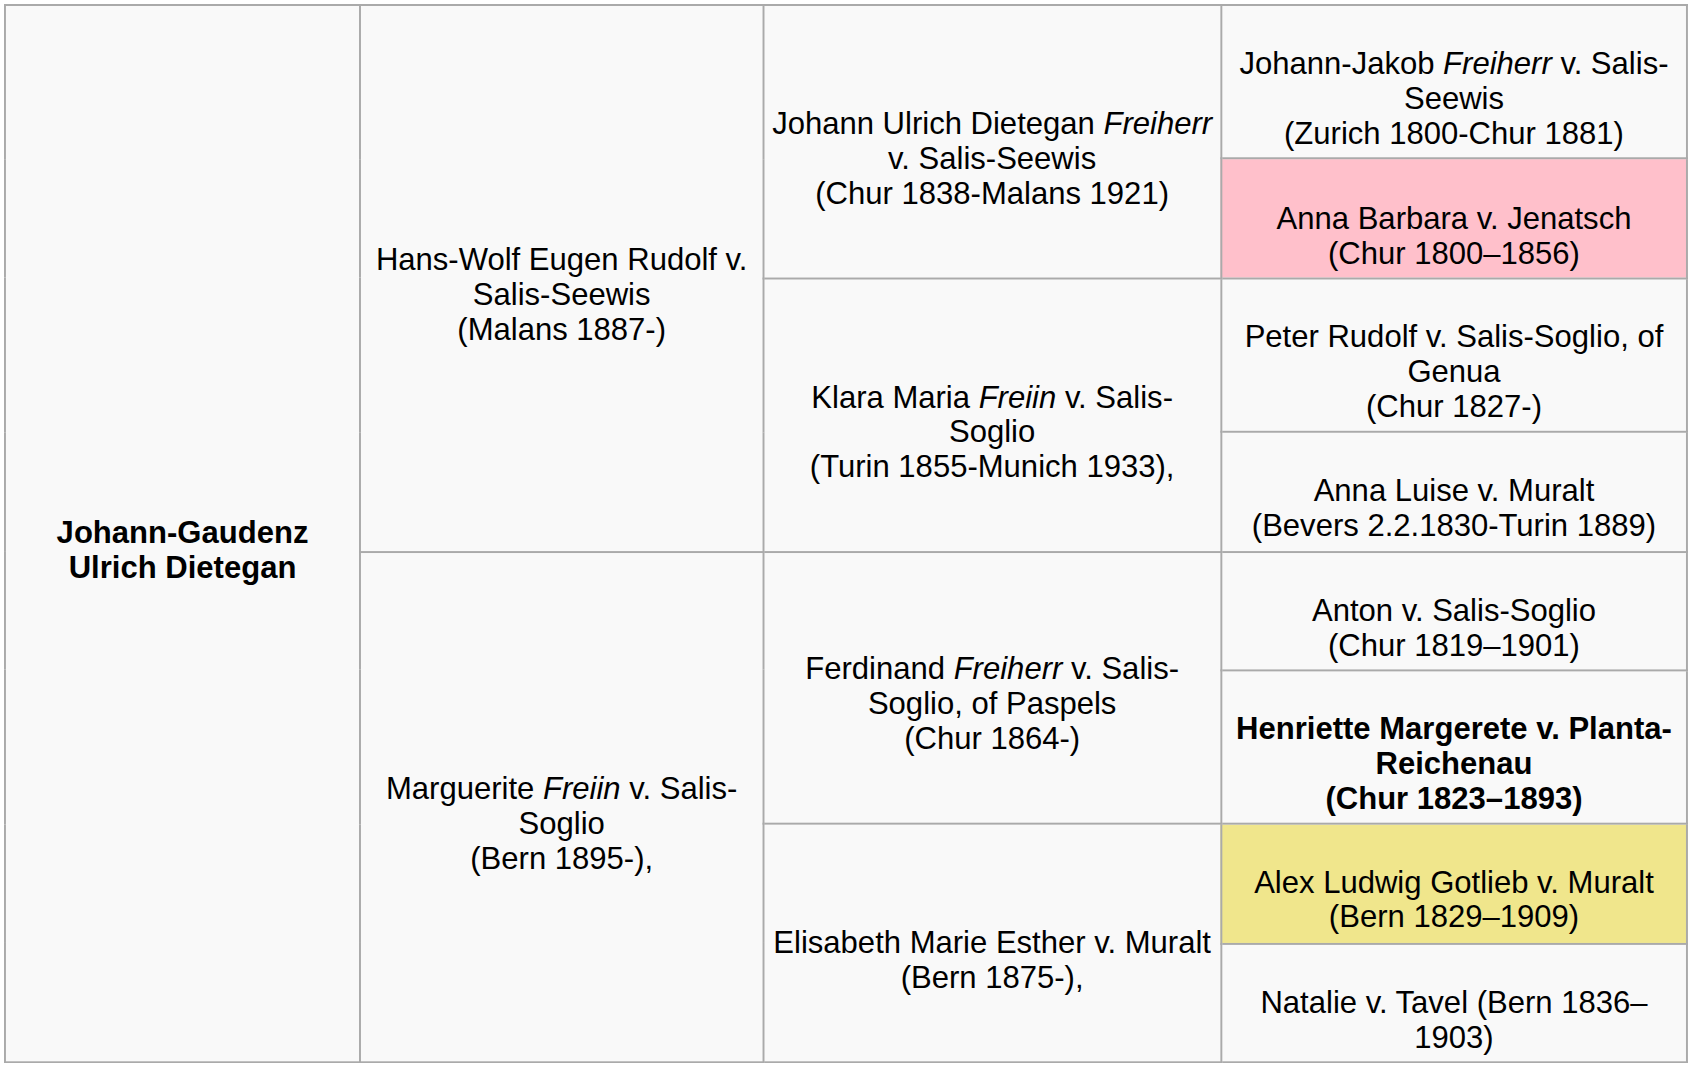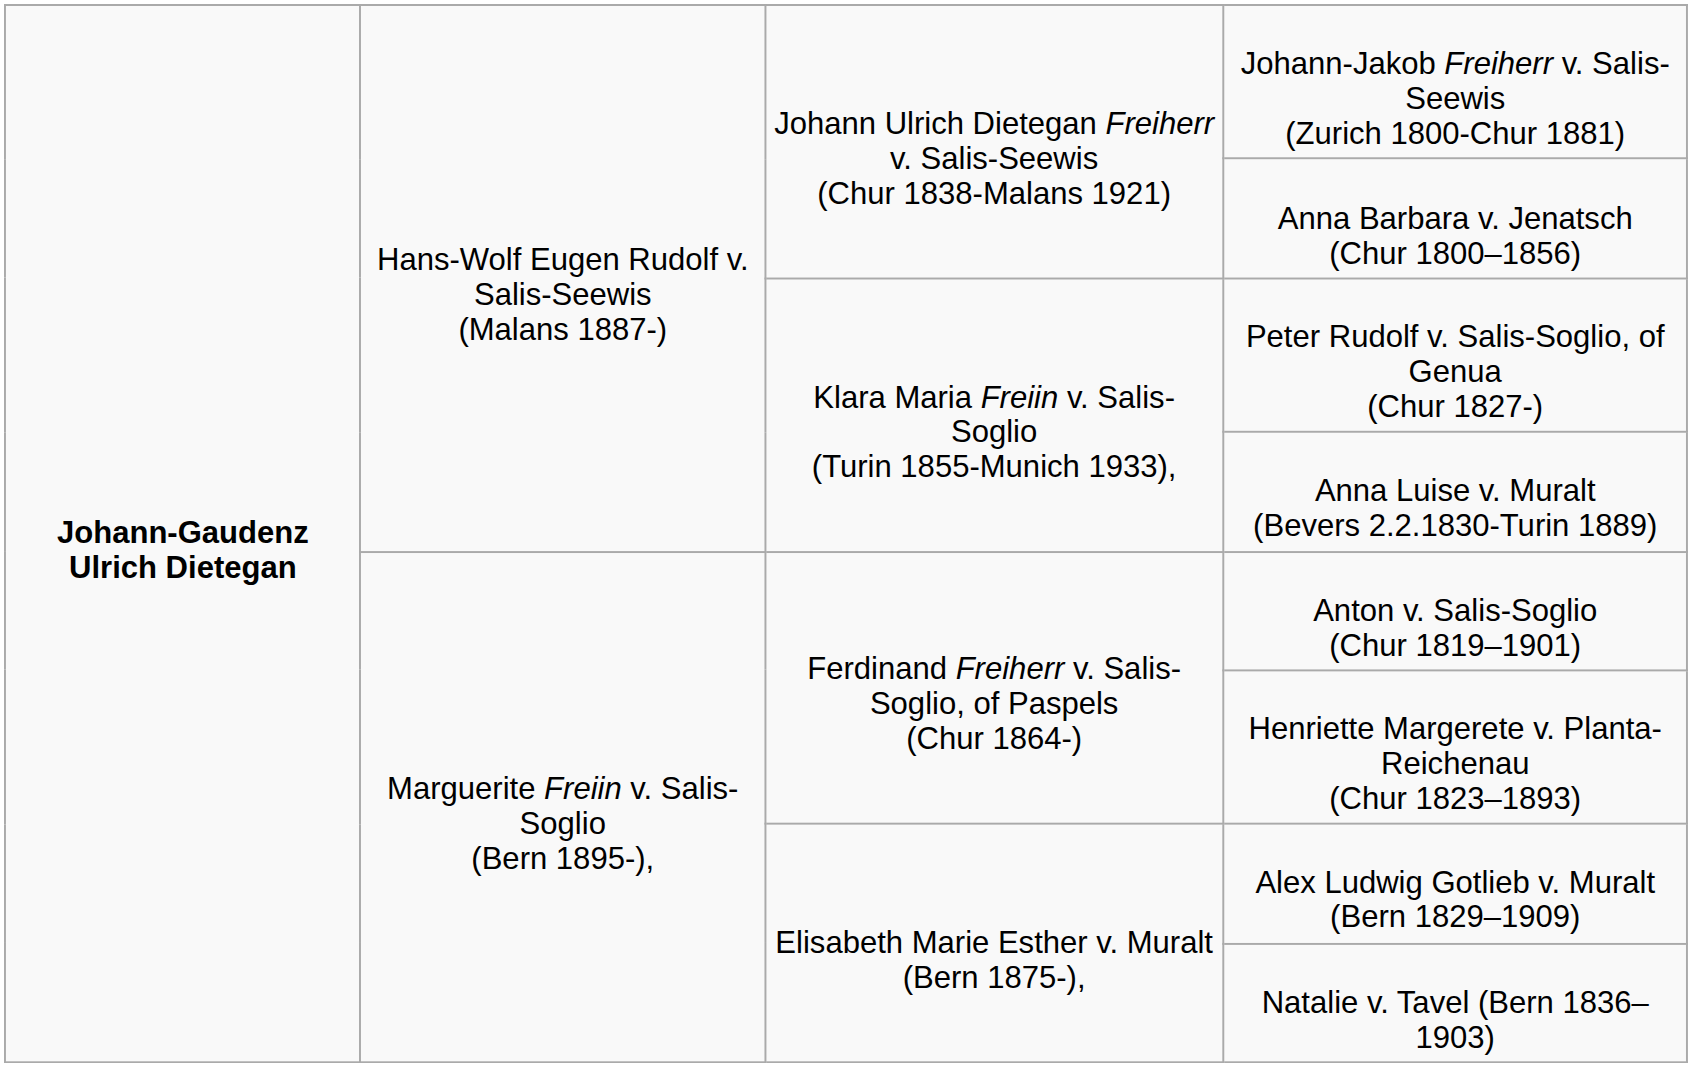 <table class="wikitable">
 <tr>
 </tr>
 <tr>
 <td rowspan="8" align="center"><br><strong>Johann-Gaudenz Ulrich Dietegan</strong></td>
 <td rowspan="4" align="center"><br>Hans-Wolf Eugen Rudolf v. Salis-Seewis<br>(Malans 1887-)</td>
 <td rowspan="2" align="center"><br>Johann Ulrich Dietegan <em>Freiherr</em> v. Salis-Seewis<br>(Chur 1838-Malans 1921)</td>
 <td align="center"><br>Johann-Jakob <em>Freiherr</em> v. Salis-Seewis<br>(Zurich 1800-Chur 1881)</td>
 </tr>
 <tr>
-<td align="center" style="background: pink;"><br>Anna Barbara v. Jenatsch<br>(Chur 1800–1856)</td>
+<td align="center"><br>Anna Barbara v. Jenatsch<br>(Chur 1800–1856)</td>
 </tr>
 <tr>
 <td rowspan="2" align="center"><br>Klara Maria <em>Freiin</em> v. Salis-Soglio<br>(Turin 1855-Munich 1933),</td>
 <td align="center"><br>Peter Rudolf v. Salis-Soglio, of Genua<br>(Chur 1827-)</td>
 </tr>
 <tr>
 <td align="center"><br>Anna Luise v. Muralt<br>(Bevers 2.2.1830-Turin 1889)</td>
 </tr>
 <tr>
 <td rowspan="4" align="center"><br>Marguerite <em>Freiin</em> v. Salis-Soglio<br>(Bern 1895-),</td>
 <td rowspan="2" align="center"><br>Ferdinand <em>Freiherr</em> v. Salis-Soglio, of Paspels<br>(Chur 1864-)</td>
 <td align="center"><br>Anton v. Salis-Soglio<br>(Chur 1819–1901)</td>
 </tr>
 <tr>
-<td align="center"><strong><br>Henriette Margerete v. Planta-Reichenau<br>(Chur 1823–1893)</strong></td>
+<td align="center"><br>Henriette Margerete v. Planta-Reichenau<br>(Chur 1823–1893)</td>
 </tr>
 <tr>
 <td rowspan="2" align="center"><br>Elisabeth Marie Esther v. Muralt<br>(Bern 1875-),</td>
-<td align="center" style="background: khaki;"><br>Alex Ludwig Gotlieb v. Muralt (Bern 1829–1909)</td>
+<td align="center"><br>Alex Ludwig Gotlieb v. Muralt (Bern 1829–1909)</td>
 </tr>
 <tr>
 <td align="center"><br>Natalie v. Tavel (Bern 1836–1903)</td>
 </tr>
 </table>
